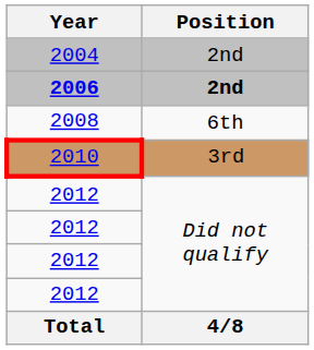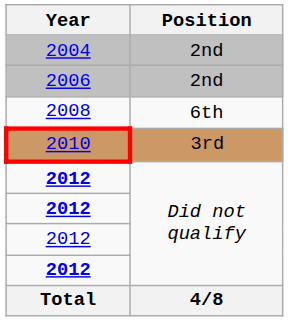 <table class="wikitable" style="text-align: center;">
 <tr>
 <th width="80">Year</th>
 <th width="100">Position</th>
 </tr>
 <tr bgcolor=silver>
 <td> <a href='#'>2004</a></td>
 <td>2nd</td>
 </tr>
 <tr bgcolor=silver>
-<td><strong> <a href='#'>2006</a></strong></td>
-<td><strong>2nd</strong></td>
+<td> <a href='#'>2006</a></td>
+<td>2nd</td>
 </tr>
 <tr>
 <td> <a href='#'>2008</a></td>
 <td>6th</td>
 </tr>
 <tr bgcolor=cc9966>
 <td style="border: 3px solid red"> <a href='#'>2010</a></td>
 <td>3rd</td>
 </tr>
 <tr>
-<td> <a href='#'>2012</a></td>
+<td><strong> <a href='#'>2012</a></strong></td>
 <td rowspan=4><em>Did not qualify</em></td>
+</tr>
+<tr>
+<td><strong> <a href='#'>2012</a></strong></td>
 </tr>
 <tr>
 <td> <a href='#'>2012</a></td>
 </tr>
 <tr>
-<td> <a href='#'>2012</a></td>
-</tr>
-<tr>
-<td> <a href='#'>2012</a></td>
+<td><strong> <a href='#'>2012</a></strong></td>
 </tr>
 <tr>
 <th>Total</th>
 <th>4/8</th>
 </tr>
 </table>
